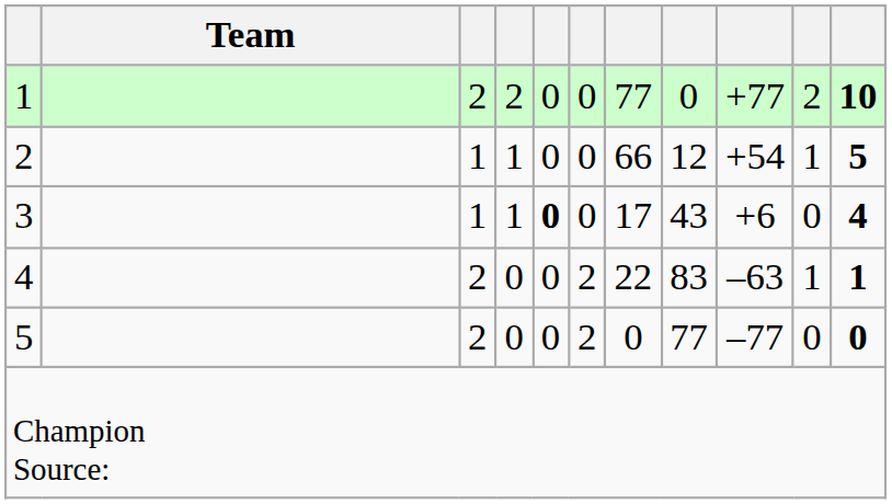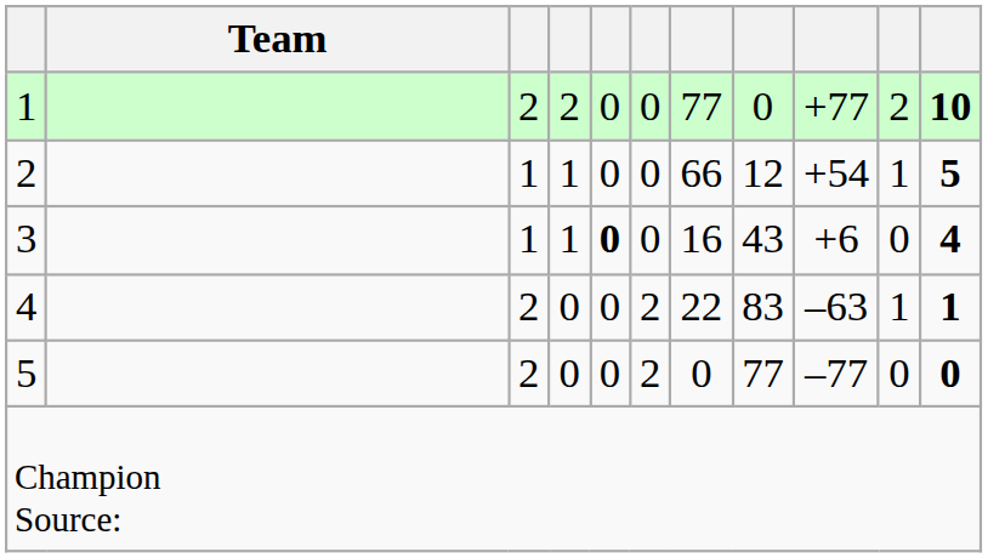 <table class="wikitable" style="text-align:center;">
 <tr>
 <th></th>
 <th style="width:10.5em;">Team</th>
 <th></th>
 <th></th>
 <th></th>
 <th></th>
 <th></th>
 <th></th>
 <th></th>
 <th></th>
 <th></th>
 </tr>
 <tr bgcolor=#ccffcc>
 <td>1</td>
 <td align="left"></td>
 <td>2</td>
 <td>2</td>
 <td>0</td>
 <td>0</td>
 <td>77</td>
 <td>0</td>
 <td>+77</td>
 <td>2</td>
 <td><strong>10</strong></td>
 </tr>
 <tr>
 <td>2</td>
 <td align="left"></td>
 <td>1</td>
 <td>1</td>
 <td>0</td>
 <td>0</td>
 <td>66</td>
 <td>12</td>
 <td>+54</td>
 <td>1</td>
 <td><strong>5</strong></td>
 </tr>
 <tr>
 <td>3</td>
 <td align="left"></td>
 <td>1</td>
 <td>1</td>
 <td><strong>0</strong></td>
 <td>0</td>
-<td>17</td>
+<td>16</td>
 <td>43</td>
 <td>+6</td>
 <td>0</td>
 <td><strong>4</strong></td>
 </tr>
 <tr>
 <td>4</td>
 <td align="left"></td>
 <td>2</td>
 <td>0</td>
 <td>0</td>
 <td>2</td>
 <td>22</td>
 <td>83</td>
 <td>–63</td>
 <td>1</td>
 <td><strong>1</strong></td>
 </tr>
 <tr>
 <td>5</td>
 <td align="left"></td>
 <td>2</td>
 <td>0</td>
 <td>0</td>
 <td>2</td>
 <td>0</td>
 <td>77</td>
 <td>–77</td>
 <td>0</td>
 <td><strong>0</strong></td>
 </tr>
 <tr | style="text-align:left;" |>
 <td colspan="11" style="border:0px; font-size:smaller"><br><span>Champion</span> <br>Source:</td>
 </tr>
 </table>
